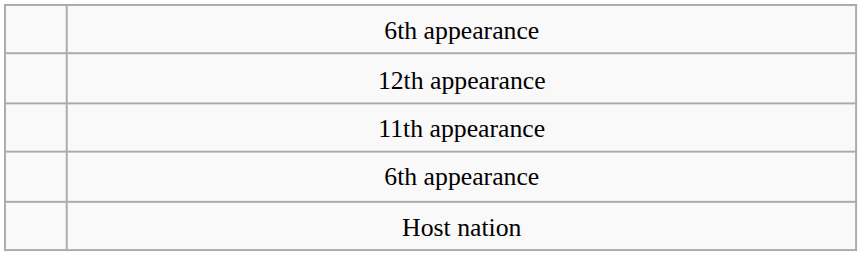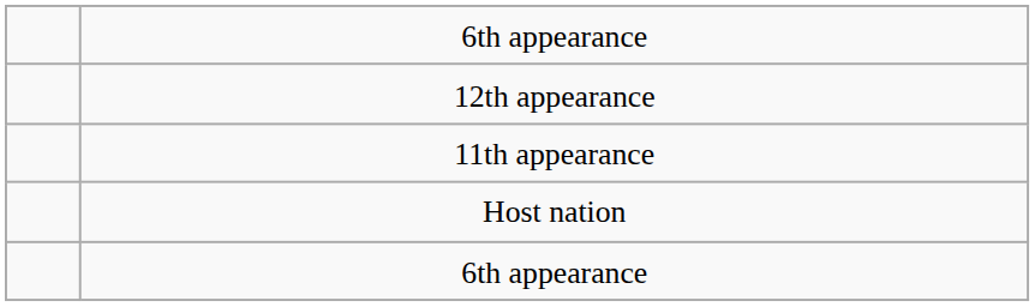 <table class="wikitable" width=35%>
 <tr align=center>
 <td></td>
 <td><small>6th appearance</small></td>
 </tr>
 <tr align=center>
 <td></td>
 <td><small>12th appearance</small></td>
 </tr>
 <tr align=center>
 <td></td>
 <td><small>11th appearance</small></td>
 </tr>
 <tr align=center>
 <td></td>
-<td><small>6th appearance</small></td>
+<td><small>Host nation</small></td>
 </tr>
 <tr align=center>
 <td></td>
-<td><small>Host nation</small></td>
+<td><small>6th appearance</small></td>
 </tr>
 </table>
